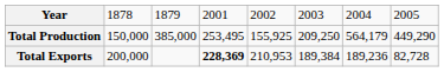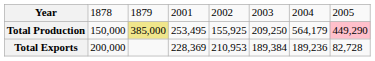 <table class="wikitable">
 <tr>
 <th>Year</th>
 <td>1878</td>
 <td>1879</td>
 <td>2001</td>
 <td>2002</td>
 <td>2003</td>
 <td>2004</td>
 <td>2005</td>
 </tr>
 <tr>
 <th>Total Production </th>
 <td>150,000</td>
-<td>385,000</td>
+<td style="background: khaki;">385,000</td>
 <td>253,495</td>
 <td>155,925</td>
 <td>209,250</td>
 <td>564,179</td>
-<td>449,290</td>
+<td style="background: pink;">449,290</td>
 </tr>
 <tr>
 <th>Total Exports </th>
 <td>200,000</td>
 <td></td>
-<td><strong>228,369</strong></td>
+<td>228,369</td>
 <td>210,953</td>
 <td>189,384</td>
 <td>189,236</td>
 <td>82,728</td>
 </tr>
 </table>
